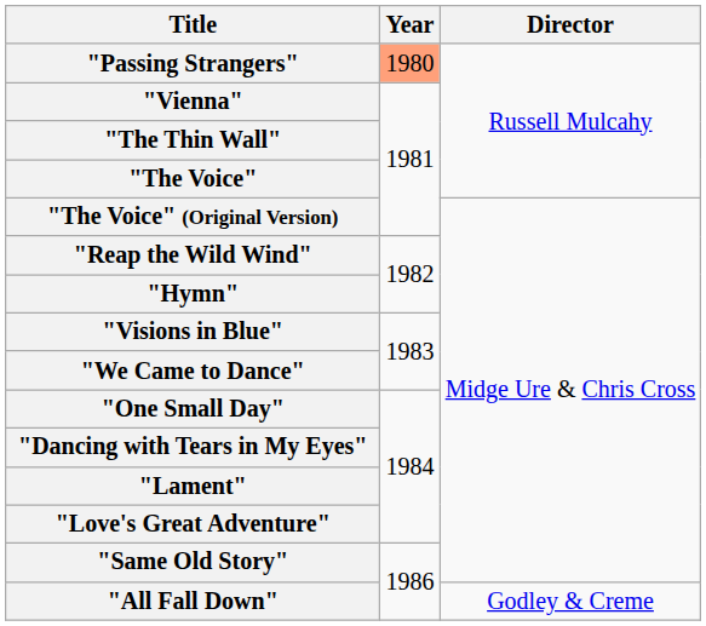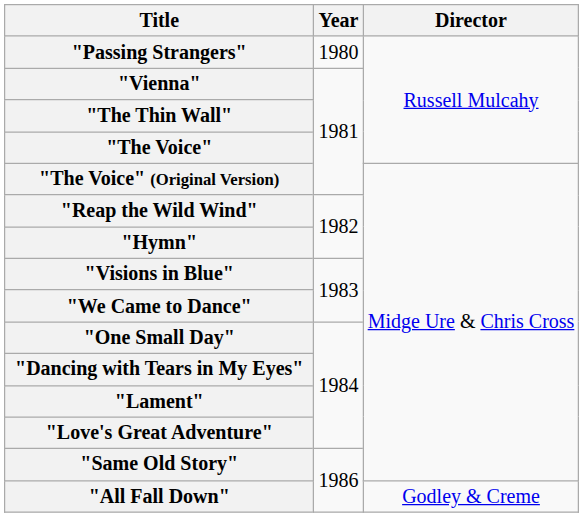 <table class="wikitable plainrowheaders" style="text-align:center;">
 <tr>
 <th scope="col" style="width:15em;">Title</th>
 <th scope="col">Year</th>
 <th>Director</th>
 </tr>
 <tr>
 <th scope="row">"Passing Strangers"</th>
-<td style="background: lightsalmon;">1980</td>
+<td>1980</td>
 <td rowspan="4"><a href='#'>Russell Mulcahy</a></td>
 </tr>
 <tr>
 <th scope="row">"Vienna"</th>
 <td rowspan="4">1981</td>
 </tr>
 <tr>
 <th scope="row">"The Thin Wall"</th>
 </tr>
 <tr>
 <th scope="row">"The Voice"</th>
 </tr>
 <tr>
 <th scope="row">"The Voice" <small>(Original Version)</small></th>
 <td rowspan="10"><a href='#'>Midge Ure</a> & <a href='#'>Chris Cross</a></td>
 </tr>
 <tr>
 <th scope="row">"Reap the Wild Wind"</th>
 <td rowspan="2">1982</td>
 </tr>
 <tr>
 <th scope="row">"Hymn"</th>
 </tr>
 <tr>
 <th scope="row">"Visions in Blue"</th>
 <td rowspan="2">1983</td>
 </tr>
 <tr>
 <th scope="row">"We Came to Dance"</th>
 </tr>
 <tr>
 <th scope="row">"One Small Day"</th>
 <td rowspan="4">1984</td>
 </tr>
 <tr>
 <th scope="row">"Dancing with Tears in My Eyes"</th>
 </tr>
 <tr>
 <th scope="row">"Lament"</th>
 </tr>
 <tr>
 <th scope="row">"Love's Great Adventure"</th>
 </tr>
 <tr>
 <th scope="row">"Same Old Story"</th>
 <td rowspan="2">1986</td>
 </tr>
 <tr>
 <th scope="row">"All Fall Down"</th>
 <td><a href='#'>Godley & Creme</a></td>
 </tr>
 </table>
